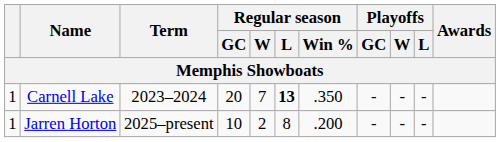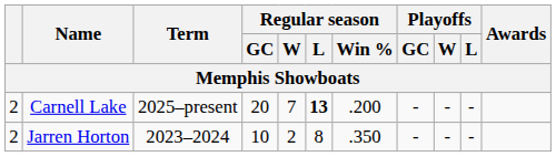 <table class="wikitable" style="text-align:center">
 <tr>
 <th rowspan="2"></th>
 <th rowspan="2">Name</th>
 <th rowspan="2">Term</th>
 <th colspan="4">Regular season</th>
 <th colspan="3">Playoffs</th>
 <th rowspan="2">Awards</th>
 </tr>
 <tr>
 <th>GC</th>
 <th>W</th>
 <th>L</th>
 <th>Win %</th>
 <th>GC</th>
 <th>W</th>
 <th>L</th>
 </tr>
 <tr>
 <th colspan="11">Memphis Showboats</th>
 </tr>
 <tr>
-<td>1</td>
+<td>2</td>
 <td><a href='#'>Carnell Lake</a></td>
-<td>2023–2024</td>
+<td>2025–present</td>
 <td>20</td>
 <td>7</td>
 <td><strong>13</strong></td>
+<td>.200</td>
+<td>-</td>
+<td>-</td>
+<td>-</td>
+<td></td>
+</tr>
+<tr>
+<td>2</td>
+<td><a href='#'>Jarren Horton</a></td>
+<td>2023–2024</td>
+<td>10</td>
+<td>2</td>
+<td>8</td>
 <td>.350</td>
 <td>-</td>
 <td>-</td>
 <td>-</td>
 <td></td>
 </tr>
-<tr>
-<td>1</td>
-<td><a href='#'>Jarren Horton</a></td>
-<td>2025–present</td>
-<td>10</td>
-<td>2</td>
-<td>8</td>
-<td>.200</td>
-<td>-</td>
-<td>-</td>
-<td>-</td>
-<td></td>
-</tr>
 </table>
